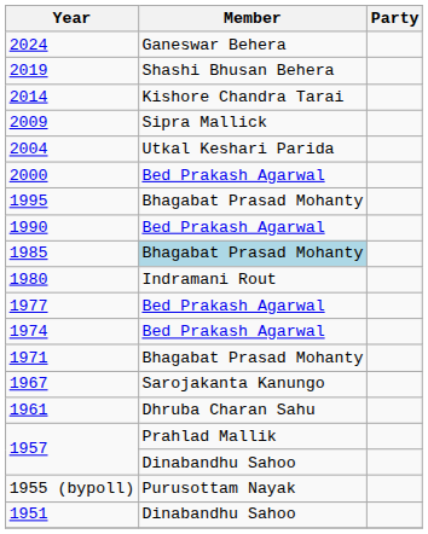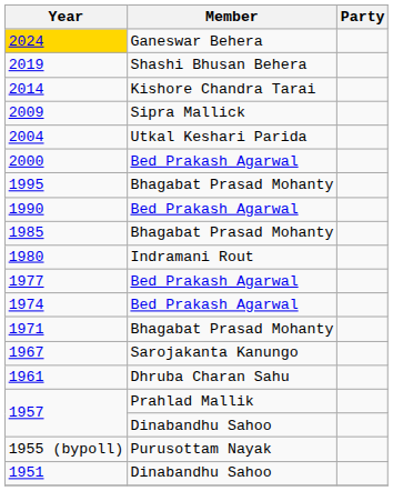 <table class="wikitable sortable">
 <tr>
 <th>Year</th>
 <th>Member</th>
 <th colspan=2>Party</th>
 </tr>
 <tr>
-<td><a href='#'>2024</a></td>
+<td style="background: gold;"><a href='#'>2024</a></td>
 <td>Ganeswar Behera</td>
 <td></td>
 </tr>
 <tr>
 <td><a href='#'>2019</a></td>
 <td>Shashi Bhusan Behera</td>
 <td></td>
 </tr>
 <tr>
 <td><a href='#'>2014</a></td>
 <td>Kishore Chandra Tarai</td>
 <td></td>
 </tr>
 <tr>
 <td><a href='#'>2009</a></td>
 <td>Sipra Mallick</td>
 <td></td>
 </tr>
 <tr>
 <td><a href='#'>2004</a></td>
 <td>Utkal Keshari Parida</td>
 <td></td>
 </tr>
 <tr>
 <td><a href='#'>2000</a></td>
 <td><a href='#'>Bed Prakash Agarwal</a></td>
 <td></td>
 </tr>
 <tr>
 <td><a href='#'>1995</a></td>
 <td>Bhagabat Prasad Mohanty</td>
 <td></td>
 </tr>
 <tr>
 <td><a href='#'>1990</a></td>
 <td><a href='#'>Bed Prakash Agarwal</a></td>
 <td></td>
 </tr>
 <tr>
 <td><a href='#'>1985</a></td>
-<td style="background: lightblue;">Bhagabat Prasad Mohanty</td>
+<td>Bhagabat Prasad Mohanty</td>
 <td></td>
 </tr>
 <tr>
 <td><a href='#'>1980</a></td>
 <td>Indramani Rout</td>
 <td></td>
 </tr>
 <tr>
 <td><a href='#'>1977</a></td>
 <td><a href='#'>Bed Prakash Agarwal</a></td>
 <td></td>
 </tr>
 <tr>
 <td><a href='#'>1974</a></td>
 <td><a href='#'>Bed Prakash Agarwal</a></td>
 <td></td>
 </tr>
 <tr>
 <td><a href='#'>1971</a></td>
 <td>Bhagabat Prasad Mohanty</td>
 <td></td>
 </tr>
 <tr>
 <td><a href='#'>1967</a></td>
 <td>Sarojakanta Kanungo</td>
 <td></td>
 </tr>
 <tr>
 <td><a href='#'>1961</a></td>
 <td>Dhruba Charan Sahu</td>
 <td></td>
 </tr>
 <tr>
 <td rowspan="2"><a href='#'>1957</a></td>
 <td>Prahlad Mallik</td>
 <td></td>
 </tr>
 <tr>
 <td>Dinabandhu Sahoo</td>
 <td></td>
 </tr>
 <tr>
 <td>1955 (bypoll)</td>
 <td>Purusottam Nayak</td>
 <td></td>
 </tr>
 <tr>
 <td><a href='#'>1951</a></td>
 <td>Dinabandhu Sahoo</td>
 <td></td>
 </tr>
 <tr>
 </tr>
 </table>
